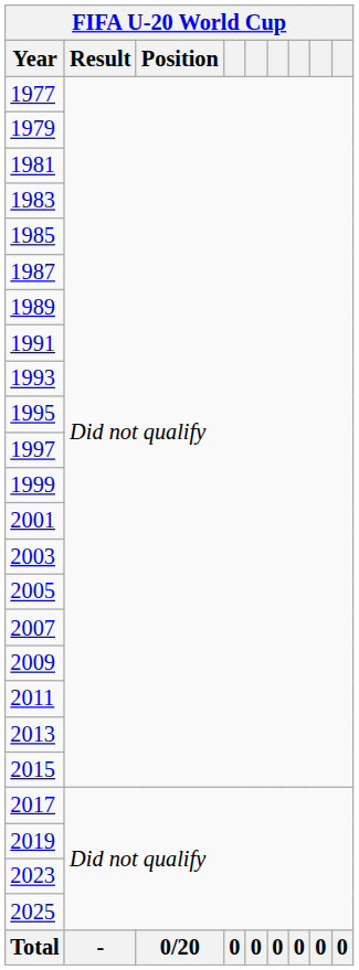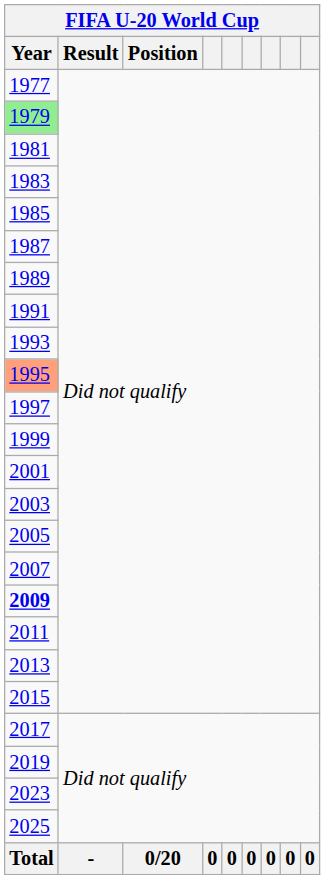 <table class="wikitable">
 <tr>
 <th colspan=9><a href='#'>FIFA U-20 World Cup</a></th>
 </tr>
 <tr>
 <th>Year</th>
 <th>Result</th>
 <th>Position</th>
 <th></th>
 <th></th>
 <th></th>
 <th></th>
 <th></th>
 <th></th>
 </tr>
 <tr>
 <td> <a href='#'>1977</a></td>
 <td colspan=8 rowspan=20><em>Did not qualify</em></td>
 </tr>
 <tr>
-<td> <a href='#'>1979</a></td>
+<td style="background: lightgreen;"> <a href='#'>1979</a></td>
 </tr>
 <tr>
 <td> <a href='#'>1981</a></td>
 </tr>
 <tr>
 <td> <a href='#'>1983</a></td>
 </tr>
 <tr>
 <td> <a href='#'>1985</a></td>
 </tr>
 <tr>
 <td> <a href='#'>1987</a></td>
 </tr>
 <tr>
 <td> <a href='#'>1989</a></td>
 </tr>
 <tr>
 <td> <a href='#'>1991</a></td>
 </tr>
 <tr>
 <td> <a href='#'>1993</a></td>
 </tr>
 <tr>
-<td> <a href='#'>1995</a></td>
+<td style="background: lightsalmon;"> <a href='#'>1995</a></td>
 </tr>
 <tr>
 <td> <a href='#'>1997</a></td>
 </tr>
 <tr>
 <td> <a href='#'>1999</a></td>
 </tr>
 <tr>
 <td> <a href='#'>2001</a></td>
 </tr>
 <tr>
 <td> <a href='#'>2003</a></td>
 </tr>
 <tr>
 <td> <a href='#'>2005</a></td>
 </tr>
 <tr>
 <td> <a href='#'>2007</a></td>
 </tr>
 <tr>
-<td> <a href='#'>2009</a></td>
+<td><strong> <a href='#'>2009</a></strong></td>
 </tr>
 <tr>
 <td> <a href='#'>2011</a></td>
 </tr>
 <tr>
 <td> <a href='#'>2013</a></td>
 </tr>
 <tr>
 <td> <a href='#'>2015</a></td>
 </tr>
 <tr>
 <td> <a href='#'>2017</a></td>
 <td colspan=8 rowspan=4><em>Did not qualify</em></td>
 </tr>
 <tr>
 <td> <a href='#'>2019</a></td>
 </tr>
 <tr>
 <td> <a href='#'>2023</a></td>
 </tr>
 <tr>
 <td> <a href='#'>2025</a></td>
 </tr>
 <tr>
 <th><strong>Total</strong></th>
 <th>-</th>
 <th>0/20</th>
 <th>0</th>
 <th>0</th>
 <th>0</th>
 <th>0</th>
 <th>0</th>
 <th>0</th>
 </tr>
 </table>
